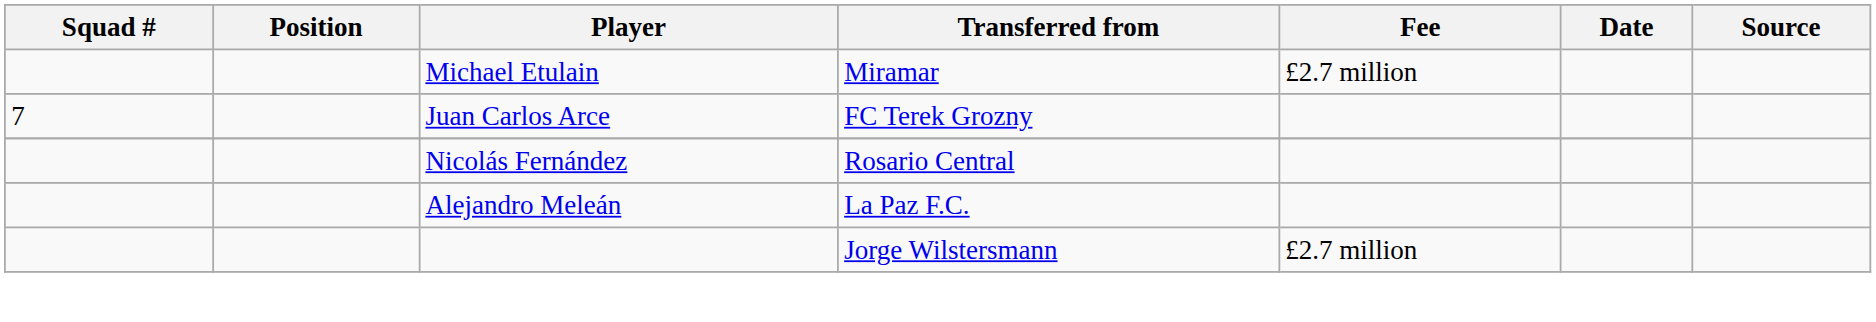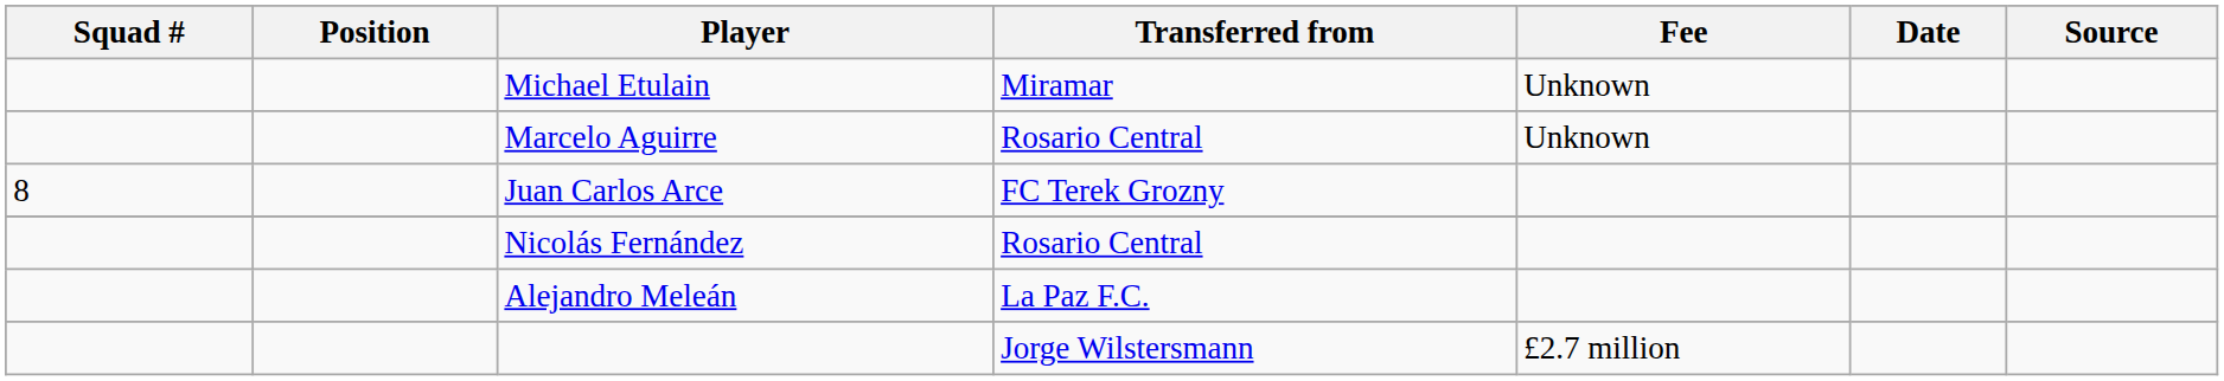 <table width=83% class="wikitable sortable" style="text-align:center; font-size:95%; text-align:left">
 <tr>
 <th>Squad #</th>
 <th>Position</th>
 <th>Player</th>
 <th>Transferred from</th>
 <th>Fee</th>
 <th>Date</th>
 <th>Source</th>
 </tr>
 <tr>
 <td></td>
 <td></td>
 <td> <a href='#'>Michael Etulain</a></td>
 <td> <a href='#'>Miramar</a></td>
-<td>£2.7 million</td>
+<td>Unknown</td>
 <td></td>
 <td></td>
 </tr>
 <tr>
-<td>7</td>
+<td></td>
+<td></td>
+<td> <a href='#'>Marcelo Aguirre</a></td>
+<td> <a href='#'>Rosario Central</a></td>
+<td>Unknown</td>
+<td></td>
+<td></td>
+</tr>
+<tr>
+<td>8</td>
 <td></td>
 <td> <a href='#'>Juan Carlos Arce</a></td>
 <td> <a href='#'>FC Terek Grozny</a></td>
 <td></td>
 <td></td>
 <td></td>
 </tr>
 <tr>
 </tr>
 <tr>
 <td></td>
 <td></td>
 <td> <a href='#'>Nicolás Fernández</a></td>
 <td> <a href='#'>Rosario Central</a></td>
 <td></td>
 <td></td>
 </tr>
 <tr>
 <td></td>
 <td></td>
 <td> <a href='#'>Alejandro Meleán</a></td>
 <td> <a href='#'>La Paz F.C.</a></td>
 <td></td>
 <td></td>
 <td></td>
 </tr>
 <tr>
 <td></td>
 <td></td>
 <td></td>
 <td> <a href='#'> Jorge Wilstersmann</a></td>
 <td>£2.7 million</td>
 <td></td>
 <td></td>
 </tr>
 </table>
